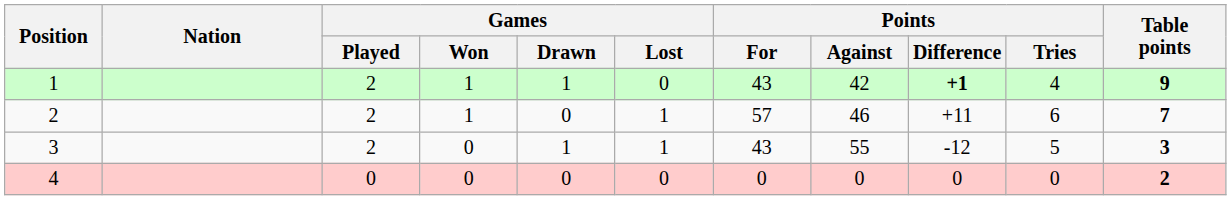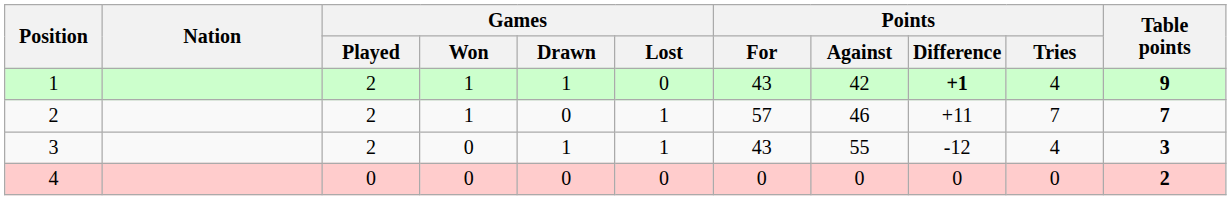 <table class="wikitable" style="text-align: center;">
 <tr>
 <th rowspan=2 width="8%">Position</th>
 <th rowspan=2 width="18%">Nation</th>
 <th colspan=4 width="32%">Games</th>
 <th colspan=4 width="32%">Points</th>
 <th rowspan=2 width="10%">Table<br>points</th>
 </tr>
 <tr>
 <th width="8%">Played</th>
 <th width="8%">Won</th>
 <th width="8%">Drawn</th>
 <th width="8%">Lost</th>
 <th width="8%">For</th>
 <th width="8%">Against</th>
 <th width="8%">Difference</th>
 <th width="8%">Tries</th>
 </tr>
 <tr bgcolor=#ccffcc>
 <td>1</td>
 <td align=left></td>
 <td>2</td>
 <td>1</td>
 <td>1</td>
 <td>0</td>
 <td>43</td>
 <td>42</td>
 <td><strong>+1</strong></td>
 <td>4</td>
 <td><strong>9</strong></td>
 </tr>
 <tr>
 <td>2</td>
 <td align=left></td>
 <td>2</td>
 <td>1</td>
 <td>0</td>
 <td>1</td>
 <td>57</td>
 <td>46</td>
 <td>+11</td>
-<td>6</td>
+<td>7</td>
 <td><strong>7</strong></td>
 </tr>
 <tr>
 <td>3</td>
 <td align=left></td>
 <td>2</td>
 <td>0</td>
 <td>1</td>
 <td>1</td>
 <td>43</td>
 <td>55</td>
 <td>-12</td>
-<td>5</td>
+<td>4</td>
 <td><strong>3</strong></td>
 </tr>
 <tr bgcolor="#ffcccc">
 <td>4</td>
 <td align=left></td>
 <td>0</td>
 <td>0</td>
 <td>0</td>
 <td>0</td>
 <td>0</td>
 <td>0</td>
 <td>0</td>
 <td>0</td>
 <td><strong>2</strong></td>
 </tr>
 </table>
